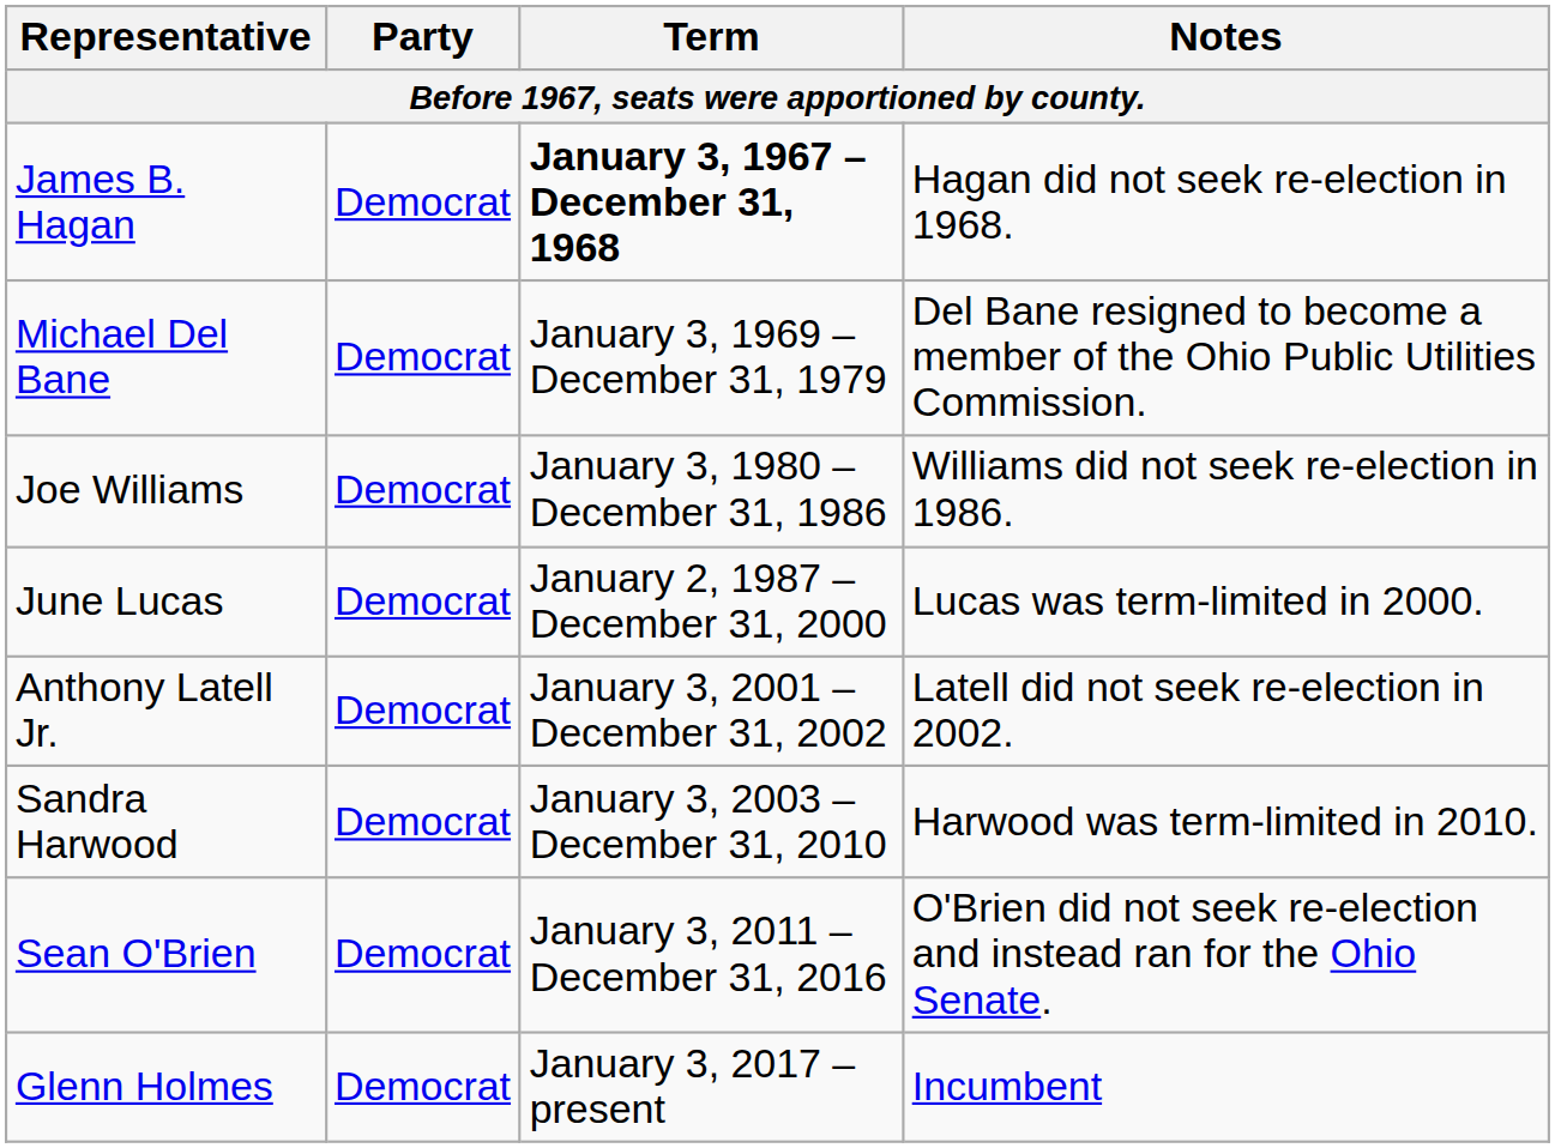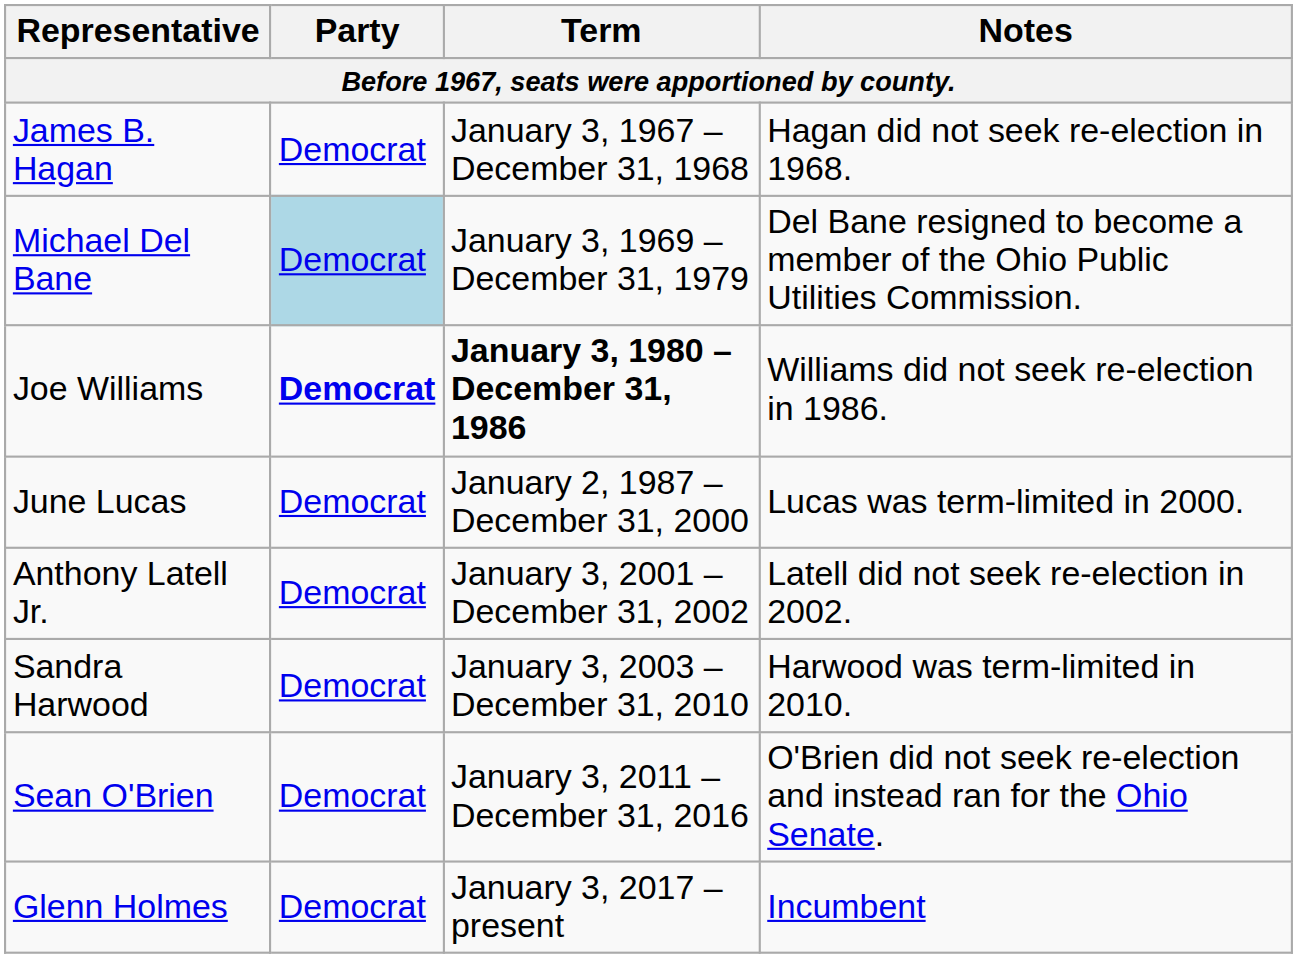 <table class=wikitable>
 <tr valign=bottom>
 <th>Representative</th>
 <th>Party</th>
 <th>Term</th>
 <th>Notes</th>
 </tr>
 <tr>
 <th colspan=5 style="font-size: 80%;"><em>Before 1967, seats were apportioned by county.</em></th>
 </tr>
 <tr>
 <td><a href='#'>James B. Hagan</a></td>
 <td><a href='#'>Democrat</a></td>
-<td><strong>January 3, 1967 – December 31, 1968</strong></td>
+<td>January 3, 1967 – December 31, 1968</td>
 <td>Hagan did not seek re-election in 1968.</td>
 </tr>
 <tr>
 <td><a href='#'>Michael Del Bane</a></td>
-<td><a href='#'>Democrat</a></td>
+<td style="background: lightblue;"><a href='#'>Democrat</a></td>
 <td>January 3, 1969 – December 31, 1979</td>
 <td>Del Bane resigned to become a member of the Ohio Public Utilities Commission.</td>
 </tr>
 <tr>
 <td>Joe Williams</td>
-<td><a href='#'>Democrat</a></td>
-<td>January 3, 1980 – December 31, 1986</td>
+<td><strong><a href='#'>Democrat</a></strong></td>
+<td><strong>January 3, 1980 – December 31, 1986</strong></td>
 <td>Williams did not seek re-election in 1986.</td>
 </tr>
 <tr>
 <td>June Lucas</td>
 <td><a href='#'>Democrat</a></td>
 <td>January 2, 1987 – December 31, 2000</td>
 <td>Lucas was term-limited in 2000.</td>
 </tr>
 <tr>
 <td>Anthony Latell Jr.</td>
 <td><a href='#'>Democrat</a></td>
 <td>January 3, 2001 – December 31, 2002</td>
 <td>Latell did not seek re-election in 2002.</td>
 </tr>
 <tr>
 <td>Sandra Harwood</td>
 <td><a href='#'>Democrat</a></td>
 <td>January 3, 2003 – December 31, 2010</td>
 <td>Harwood was term-limited in 2010.</td>
 </tr>
 <tr>
 <td><a href='#'>Sean O'Brien</a></td>
 <td><a href='#'>Democrat</a></td>
 <td>January 3, 2011 – December 31, 2016</td>
 <td>O'Brien did not seek re-election and instead ran for the <a href='#'>Ohio Senate</a>.</td>
 </tr>
 <tr>
 <td><a href='#'>Glenn Holmes</a></td>
 <td><a href='#'>Democrat</a></td>
 <td>January 3, 2017 – present</td>
 <td><a href='#'>Incumbent</a></td>
 </tr>
 </table>
